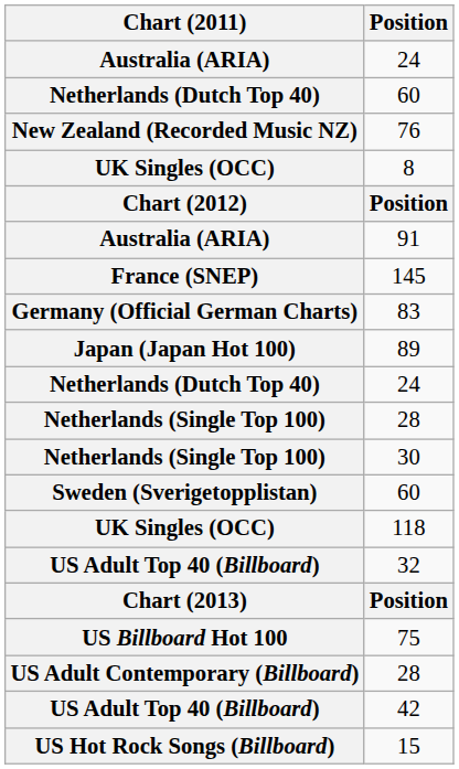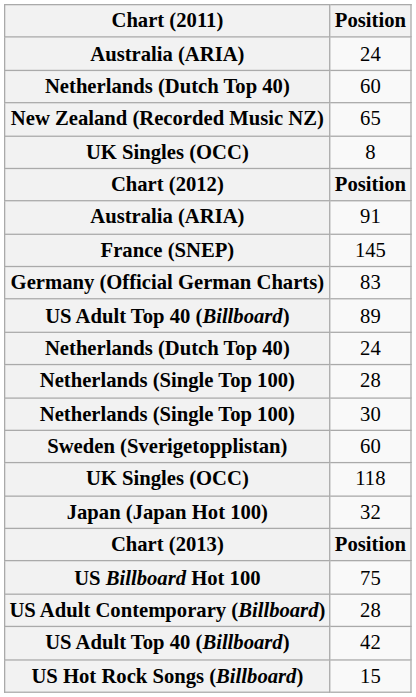 <table class="wikitable sortable plainrowheaders" style="text-align:center">
 <tr>
 <th scope="col">Chart (2011)</th>
 <th scope="col">Position</th>
 </tr>
 <tr>
 <th scope="row">Australia (ARIA)</th>
 <td>24</td>
 </tr>
 <tr>
 <th scope="row">Netherlands (Dutch Top 40)</th>
 <td>60</td>
 </tr>
 <tr>
 <th scope="row">New Zealand (Recorded Music NZ)</th>
-<td>76</td>
+<td>65</td>
 </tr>
 <tr>
 <th scope="row">UK Singles (OCC)</th>
 <td>8</td>
 </tr>
 <tr>
 <th scope="col">Chart (2012)</th>
 <th scope="col">Position</th>
 </tr>
 <tr>
 <th scope="row">Australia (ARIA)</th>
 <td>91</td>
 </tr>
 <tr>
 <th scope="row">France (SNEP)</th>
 <td>145</td>
 </tr>
 <tr>
 <th scope="row">Germany (Official German Charts)</th>
 <td>83</td>
 </tr>
 <tr>
-<th scope="row">Japan (Japan Hot 100)</th>
+<th scope="row">US Adult Top 40 (<em>Billboard</em>)</th>
 <td>89</td>
 </tr>
 <tr>
 <th scope="row">Netherlands (Dutch Top 40)</th>
 <td>24</td>
 </tr>
 <tr>
 <th scope="row">Netherlands (Single Top 100)</th>
 <td>28</td>
 </tr>
 <tr>
 <th scope="row">Netherlands (Single Top 100)</th>
 <td>30</td>
 </tr>
 <tr>
 <th scope="row">Sweden (Sverigetopplistan)</th>
 <td>60</td>
 </tr>
 <tr>
 <th scope="row">UK Singles (OCC)</th>
 <td>118</td>
 </tr>
 <tr>
-<th scope="row">US Adult Top 40 (<em>Billboard</em>)</th>
+<th scope="row">Japan (Japan Hot 100)</th>
 <td>32</td>
 </tr>
 <tr>
 <th scope="col">Chart (2013)</th>
 <th scope="col">Position</th>
 </tr>
 <tr>
 <th scope="row">US <em>Billboard</em> Hot 100</th>
 <td>75</td>
 </tr>
 <tr>
 <th scope="row">US Adult Contemporary (<em>Billboard</em>)</th>
 <td>28</td>
 </tr>
 <tr>
 <th scope="row">US Adult Top 40 (<em>Billboard</em>)</th>
 <td>42</td>
 </tr>
 <tr>
 <th scope="row">US Hot Rock Songs (<em>Billboard</em>)</th>
 <td>15</td>
 </tr>
 </table>
